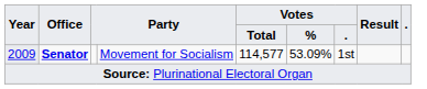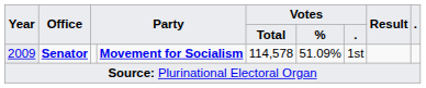 <table class="wikitable" style="font-size:90%; text-align:center;">
 <tr>
 <th style="background-color:#EAECF0;" rowspan=2>Year</th>
 <th style="background-color:#EAECF0;" rowspan=2>Office</th>
 <th style="background-color:#EAECF0;" colspan=2 rowspan=2>Party</th>
 <th style="background-color:#EAECF0;" colspan=3>Votes</th>
 <th style="background-color:#EAECF0;" rowspan=2>Result</th>
 <th style="background-color:#EAECF0;" rowspan=2>.</th>
 </tr>
 <tr>
 <th style="background-color:#EAECF0;">Total</th>
 <th style="background-color:#EAECF0;">%</th>
 <th style="background-color:#EAECF0;">.</th>
 </tr>
 <tr>
 <td style="background-color:#EAECF0;"><a href='#'>2009</a></td>
 <td><strong><a href='#'>Senator</a></strong></td>
 <td style="background-color:"></td>
-<td><a href='#'>Movement for Socialism</a></td>
-<td>114,577</td>
-<td>53.09%</td>
+<td><strong><a href='#'>Movement for Socialism</a></strong></td>
+<td>114,578</td>
+<td>51.09%</td>
 <td>1st</td>
 <td></td>
 <td></td>
 </tr>
 <tr>
 <td style="background-color:#EAECF0;" colspan=9><strong>Source:</strong> <a href='#'>Plurinational Electoral Organ</a>  </td>
 </tr>
 </table>
